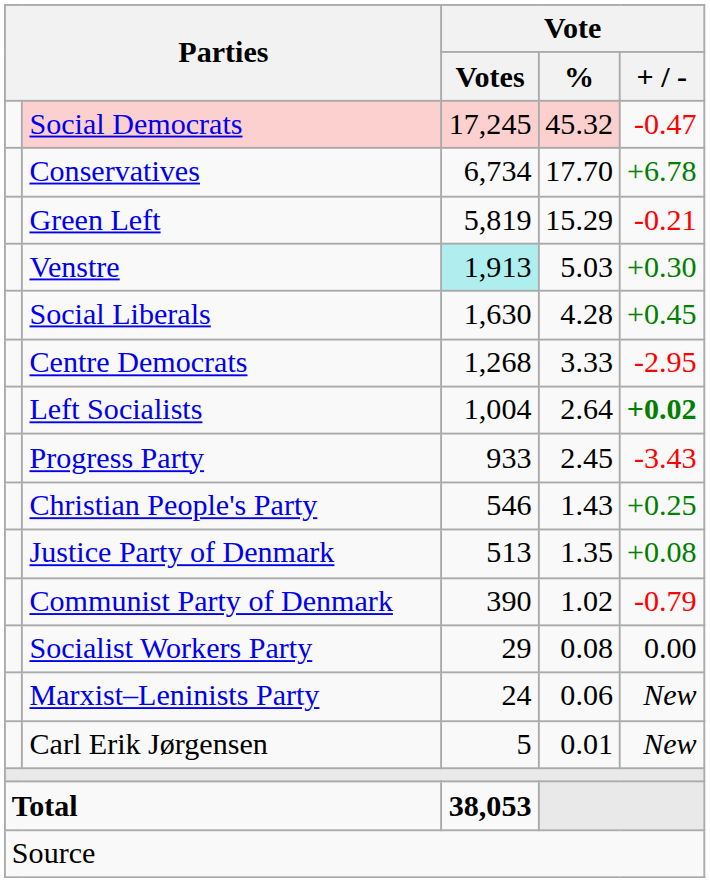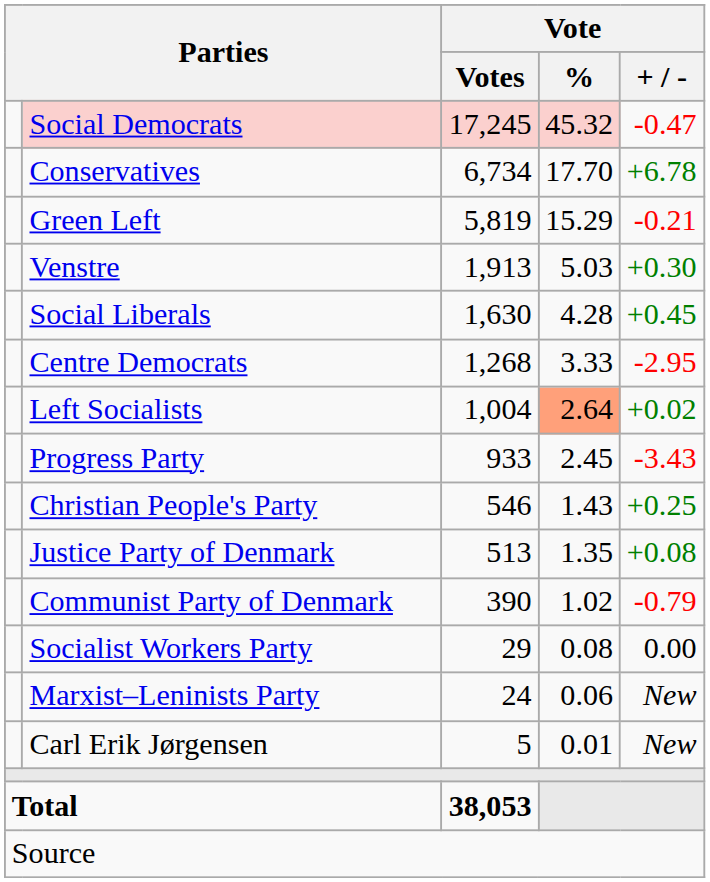 <table class="wikitable" style="text-align:right;">
 <tr>
 <th style="text-align:centre;" rowspan="2" colspan="2" width="225">Parties</th>
 <th colspan="3">Vote</th>
 </tr>
 <tr>
 <th width="15">Votes</th>
 <th width="15">%</th>
 <th width="15">+ / -</th>
 </tr>
 <tr>
 <td width="2" style="color:inherit;background:"></td>
 <td bgcolor=#fbd0ce  align="left"><a href='#'>Social Democrats</a></td>
 <td bgcolor=#fbd0ce>17,245</td>
 <td bgcolor=#fbd0ce>45.32</td>
 <td style=color:red;>-0.47</td>
 </tr>
 <tr>
 <td width="2" style="color:inherit;background:"></td>
 <td align="left"><a href='#'>Conservatives</a></td>
 <td>6,734</td>
 <td>17.70</td>
 <td style=color:green;>+6.78</td>
 </tr>
 <tr>
 <td width="2" style="color:inherit;background:"></td>
 <td align="left"><a href='#'>Green Left</a></td>
 <td>5,819</td>
 <td>15.29</td>
 <td style=color:red;>-0.21</td>
 </tr>
 <tr>
 <td width="2" style="color:inherit;background:"></td>
 <td align="left"><a href='#'>Venstre</a></td>
-<td style="background: paleturquoise;">1,913</td>
+<td>1,913</td>
 <td>5.03</td>
 <td style=color:green;>+0.30</td>
 </tr>
 <tr>
 <td width="2" style="color:inherit;background:"></td>
 <td align="left"><a href='#'>Social Liberals</a></td>
 <td>1,630</td>
 <td>4.28</td>
 <td style=color:green;>+0.45</td>
 </tr>
 <tr>
 <td width="2" style="color:inherit;background:"></td>
 <td align="left"><a href='#'>Centre Democrats</a></td>
 <td>1,268</td>
 <td>3.33</td>
 <td style=color:red;>-2.95</td>
 </tr>
 <tr>
 <td width="2" style="color:inherit;background:"></td>
 <td align="left"><a href='#'>Left Socialists</a></td>
 <td>1,004</td>
-<td>2.64</td>
-<td style=color:green;><strong>+0.02</strong></td>
+<td style="background: lightsalmon;">2.64</td>
+<td style=color:green;>+0.02</td>
 </tr>
 <tr>
 <td width="2" style="color:inherit;background:"></td>
 <td align="left"><a href='#'>Progress Party</a></td>
 <td>933</td>
 <td>2.45</td>
 <td style=color:red;>-3.43</td>
 </tr>
 <tr>
 <td width="2" style="color:inherit;background:"></td>
 <td align="left"><a href='#'>Christian People's Party</a></td>
 <td>546</td>
 <td>1.43</td>
 <td style=color:green;>+0.25</td>
 </tr>
 <tr>
 <td width="2" style="color:inherit;background:"></td>
 <td align="left"><a href='#'>Justice Party of Denmark</a></td>
 <td>513</td>
 <td>1.35</td>
 <td style=color:green;>+0.08</td>
 </tr>
 <tr>
 <td width="2" style="color:inherit;background:"></td>
 <td align="left"><a href='#'>Communist Party of Denmark</a></td>
 <td>390</td>
 <td>1.02</td>
 <td style=color:red;>-0.79</td>
 </tr>
 <tr>
 <td width="2" style="color:inherit;background:"></td>
 <td align="left"><a href='#'>Socialist Workers Party</a></td>
 <td>29</td>
 <td>0.08</td>
 <td>0.00</td>
 </tr>
 <tr>
 <td width="2" style="color:inherit;background:"></td>
 <td align="left"><a href='#'>Marxist–Leninists Party</a></td>
 <td>24</td>
 <td>0.06</td>
 <td><em>New</em></td>
 </tr>
 <tr>
 <td width="2" style="color:inherit;background:"></td>
 <td align="left">Carl Erik Jørgensen</td>
 <td>5</td>
 <td>0.01</td>
 <td><em>New</em></td>
 </tr>
 <tr>
 <td colspan="7" bgcolor="#E9E9E9"></td>
 </tr>
 <tr>
 <td align="left" colspan="2"><strong>Total</strong></td>
 <td><strong>38,053</strong></td>
 <td bgcolor="#E9E9E9" colspan="2"></td>
 </tr>
 <tr>
 <td align="left" colspan="6">Source</td>
 </tr>
 </table>
